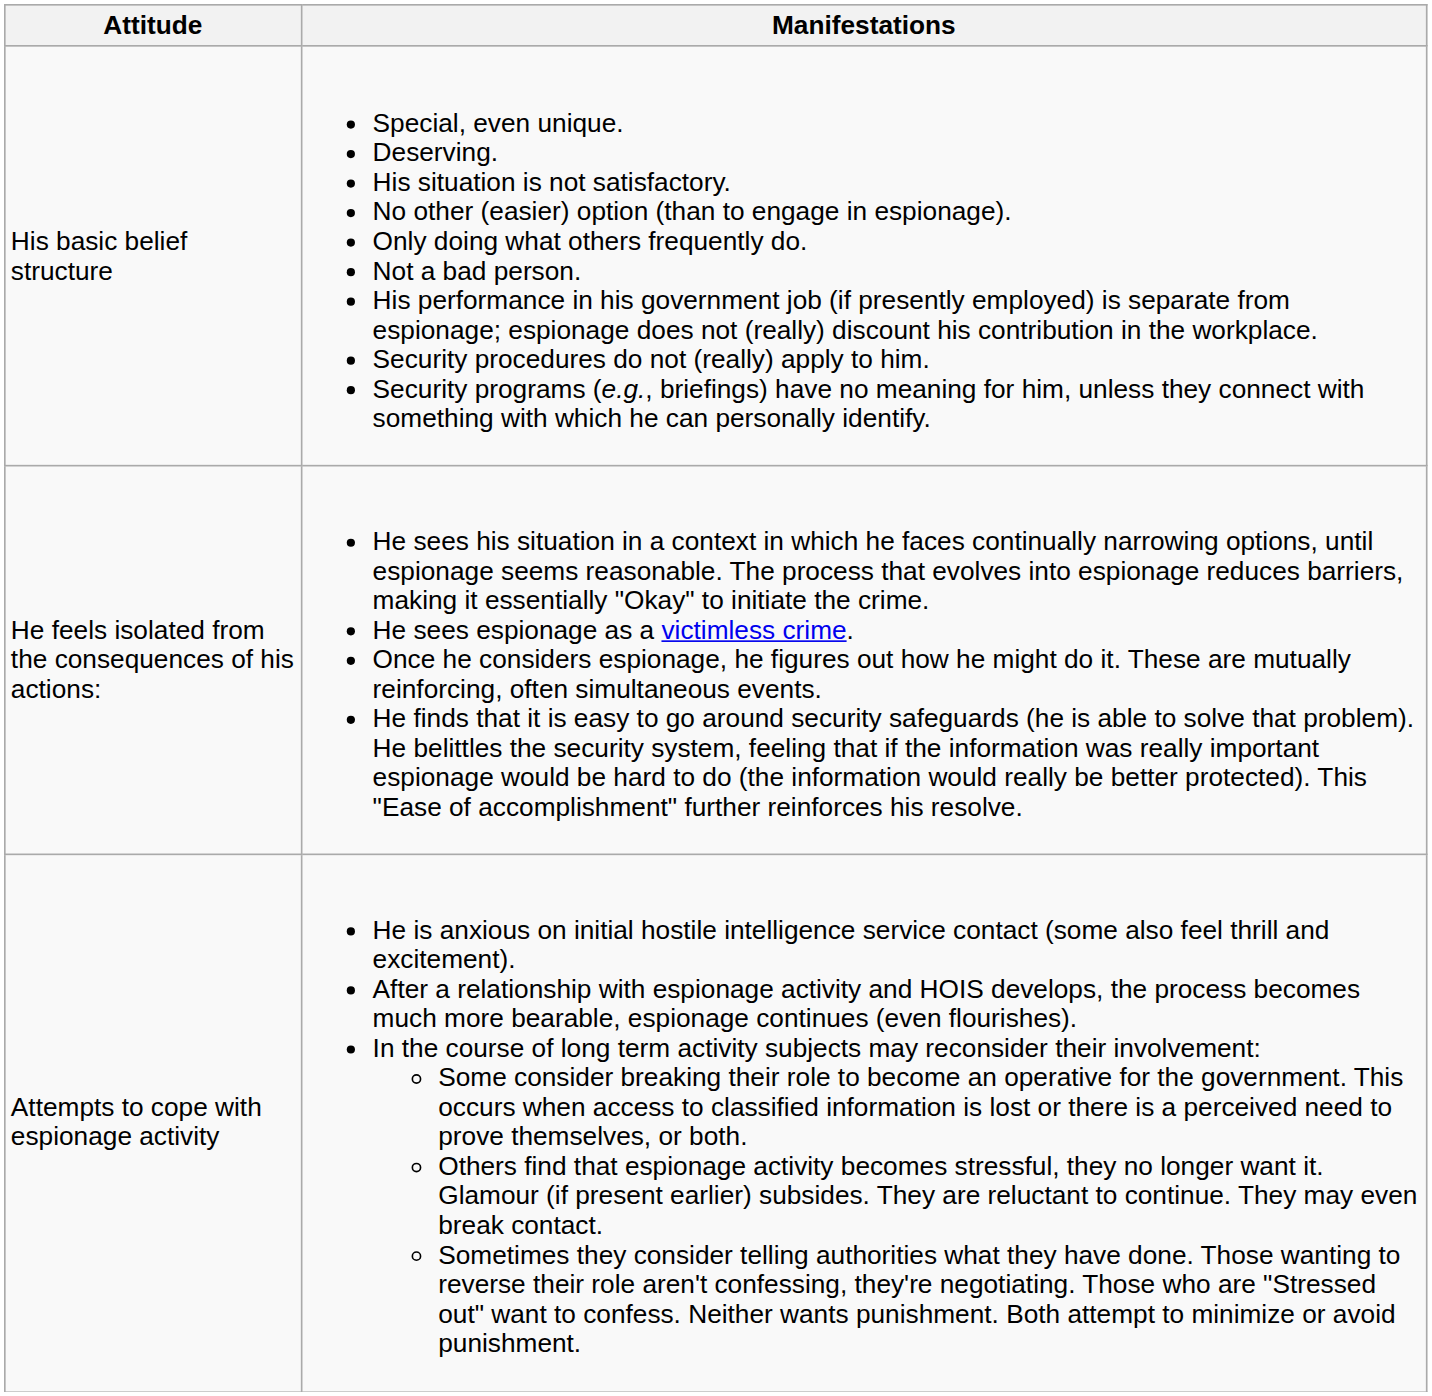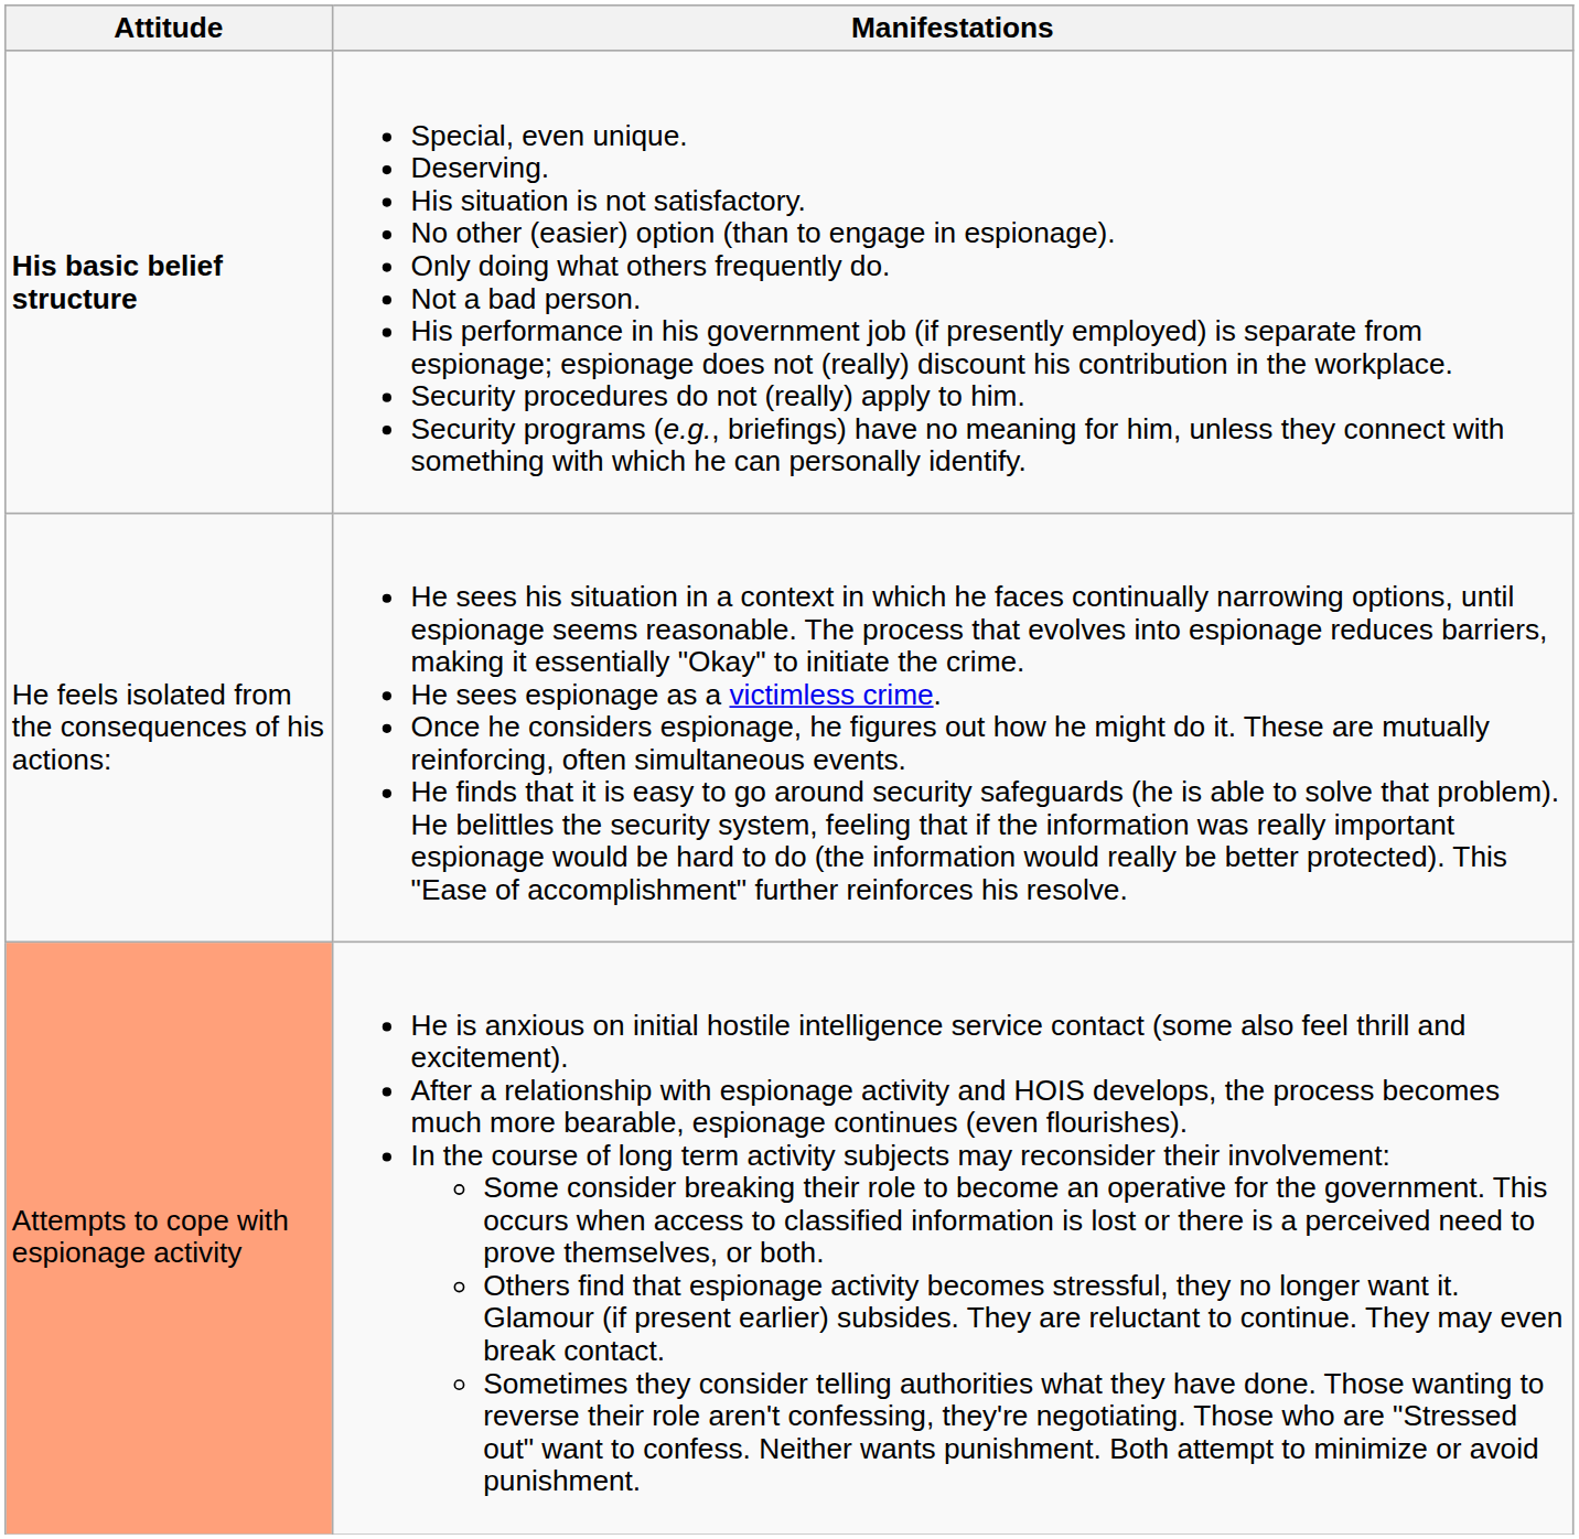 <table class="wikitable">
 <tr>
 <th>Attitude</th>
 <th>Manifestations</th>
 </tr>
 <tr>
-<td>His basic belief structure</td>
+<td><strong>His basic belief structure</strong></td>
 <td><br><ul><li>Special, even unique.</li><li>Deserving.</li><li>His situation is not satisfactory.</li><li>No other (easier) option (than to engage in espionage).</li><li>Only doing what others frequently do.</li><li>Not a bad person.</li><li>His performance in his government job (if presently employed) is separate from espionage; espionage does not (really) discount his contribution in the workplace.</li><li>Security procedures do not (really) apply to him.</li><li>Security programs (<em>e.g.</em>, briefings) have no meaning for him, unless they connect with something with which he can personally identify.</li></ul></td>
 </tr>
 <tr>
 <td>He feels isolated from the consequences of his actions:</td>
 <td><br><ul><li>He sees his situation in a context in which he faces continually narrowing options, until espionage seems reasonable. The process that evolves into espionage reduces barriers, making it essentially "Okay" to initiate the crime.</li><li>He sees espionage as a <a href='#'>victimless crime</a>.</li><li>Once he considers espionage, he figures out how he might do it. These are mutually reinforcing, often simultaneous events.</li><li>He finds that it is easy to go around security safeguards (he is able to solve that problem). He belittles the security system, feeling that if the information was really important espionage would be hard to do (the information would really be better protected). This "Ease of accomplishment" further reinforces his resolve.</li></ul></td>
 </tr>
 <tr>
-<td>Attempts to cope with espionage activity</td>
+<td style="background: lightsalmon;">Attempts to cope with espionage activity</td>
 <td><br><ul><li>He is anxious on initial hostile intelligence service contact (some also feel thrill and excitement).</li><li>After a relationship with espionage activity and HOIS develops, the process becomes much more bearable, espionage continues (even flourishes).</li><li>In the course of long term activity subjects may reconsider their involvement:<ul><li>Some consider breaking their role to become an operative for the government. This occurs when access to classified information is lost or there is a perceived need to prove themselves, or both.</li><li>Others find that espionage activity becomes stressful, they no longer want it. Glamour (if present earlier) subsides. They are reluctant to continue. They may even break contact.</li><li>Sometimes they consider telling authorities what they have done. Those wanting to reverse their role aren't confessing, they're negotiating. Those who are "Stressed out" want to confess. Neither wants punishment. Both attempt to minimize or avoid punishment.</li></ul></li></ul></td>
 </tr>
 </table>
